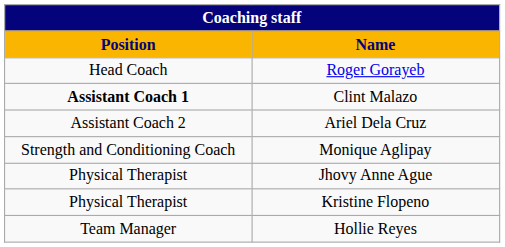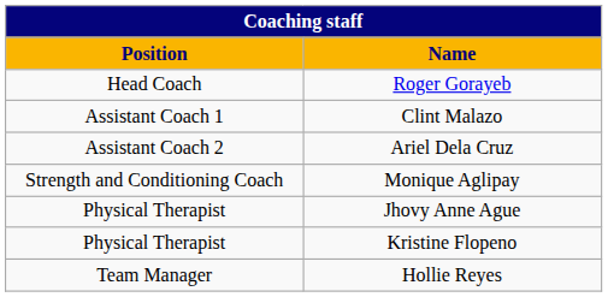 <table class="wikitable sortable" style="font-size:90%; text-align:center;">
 <tr>
 <th colspan="5" style= "background:#04037B; color:#FFFFFF; text-align: center">Coaching staff</th>
 </tr>
 <tr align=center>
 <th style="width:15em; background:#FAB500; color:#04037B;">Position</th>
 <th style="width:15em; background:#FAB500; color:#04037B;">Name</th>
 </tr>
 <tr>
 <td>Head Coach</td>
 <td> <a href='#'>Roger Gorayeb</a></td>
 </tr>
 <tr>
-<td><strong>Assistant Coach 1</strong></td>
+<td>Assistant Coach 1</td>
 <td> Clint Malazo</td>
 </tr>
 <tr>
 <td>Assistant Coach 2</td>
 <td> Ariel Dela Cruz</td>
 </tr>
 <tr>
 <td>Strength and Conditioning Coach</td>
 <td> Monique Aglipay</td>
 </tr>
 <tr>
 <td>Physical Therapist</td>
 <td> Jhovy Anne Ague</td>
 </tr>
 <tr>
 <td>Physical Therapist</td>
 <td> Kristine Flopeno</td>
 </tr>
 <tr>
 <td>Team Manager</td>
 <td> Hollie Reyes</td>
 </tr>
 </table>
